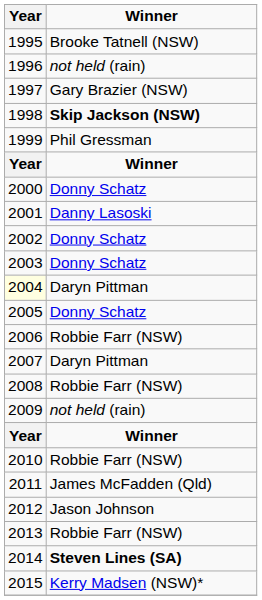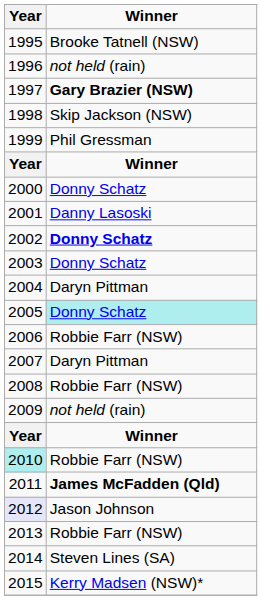 <table class="wikitable">
 <tr align=center>
 <th>Year</th>
 <td width=210px ><strong>Winner</strong></td>
 </tr>
 <tr>
 <td align=center>1995</td>
 <td>Brooke Tatnell (NSW)</td>
 </tr>
 <tr>
 <td align=center>1996</td>
 <td colspan=2><em>not held</em> (rain)</td>
 </tr>
 <tr>
 <td align=center>1997</td>
-<td>Gary Brazier (NSW)</td>
+<td><strong>Gary Brazier (NSW)</strong></td>
 </tr>
 <tr>
 <td align=center>1998</td>
-<td><strong>Skip Jackson (NSW)</strong></td>
+<td>Skip Jackson (NSW)</td>
 </tr>
 <tr>
 <td align=center>1999</td>
 <td>Phil Gressman </td>
 </tr>
 <tr align=center>
 <th>Year</th>
 <td width=210px ><strong>Winner</strong></td>
 </tr>
 <tr>
 <td align=center>2000</td>
 <td><a href='#'>Donny Schatz</a> </td>
 </tr>
 <tr>
 <td align=center>2001</td>
 <td><a href='#'>Danny Lasoski</a> </td>
 </tr>
 <tr>
 <td align=center>2002</td>
-<td><a href='#'>Donny Schatz</a> </td>
+<td><strong><a href='#'>Donny Schatz</a> </strong></td>
 </tr>
 <tr>
 <td align=center>2003</td>
 <td><a href='#'>Donny Schatz</a> </td>
 </tr>
 <tr>
-<td align=center style="background: lightyellow;">2004</td>
+<td align=center>2004</td>
 <td>Daryn Pittman </td>
 </tr>
 <tr>
 <td align=center>2005</td>
-<td><a href='#'>Donny Schatz</a> </td>
+<td style="background: paleturquoise;"><a href='#'>Donny Schatz</a> </td>
 </tr>
 <tr>
 <td align=center>2006</td>
 <td>Robbie Farr (NSW)</td>
 </tr>
 <tr>
 <td align=center>2007</td>
 <td>Daryn Pittman </td>
 </tr>
 <tr>
 <td align=center>2008</td>
 <td>Robbie Farr (NSW)</td>
 </tr>
 <tr>
 <td align=center>2009</td>
 <td colspan=2><em>not held</em> (rain)</td>
 </tr>
 <tr align=center>
 <th>Year</th>
 <td width=210px ><strong>Winner</strong></td>
 </tr>
 <tr>
-<td align=center>2010</td>
+<td align=center style="background: paleturquoise;">2010</td>
 <td>Robbie Farr (NSW)</td>
 </tr>
 <tr>
 <td align=center>2011</td>
-<td>James McFadden (Qld)</td>
+<td><strong>James McFadden (Qld)</strong></td>
 </tr>
 <tr>
-<td align=center>2012</td>
+<td align=center style="background: lavender;">2012</td>
 <td>Jason Johnson </td>
 </tr>
 <tr>
 <td align=center>2013</td>
 <td>Robbie Farr (NSW)</td>
 </tr>
 <tr>
 <td align=center>2014</td>
-<td><strong>Steven Lines (SA)</strong></td>
+<td>Steven Lines (SA)</td>
 </tr>
 <tr>
 <td align=center>2015</td>
 <td><a href='#'>Kerry Madsen</a> (NSW)*</td>
 </tr>
 <tr>
 </tr>
 </table>
